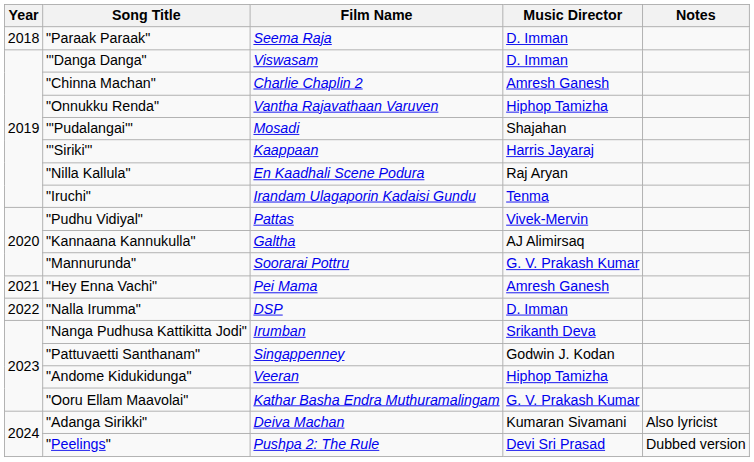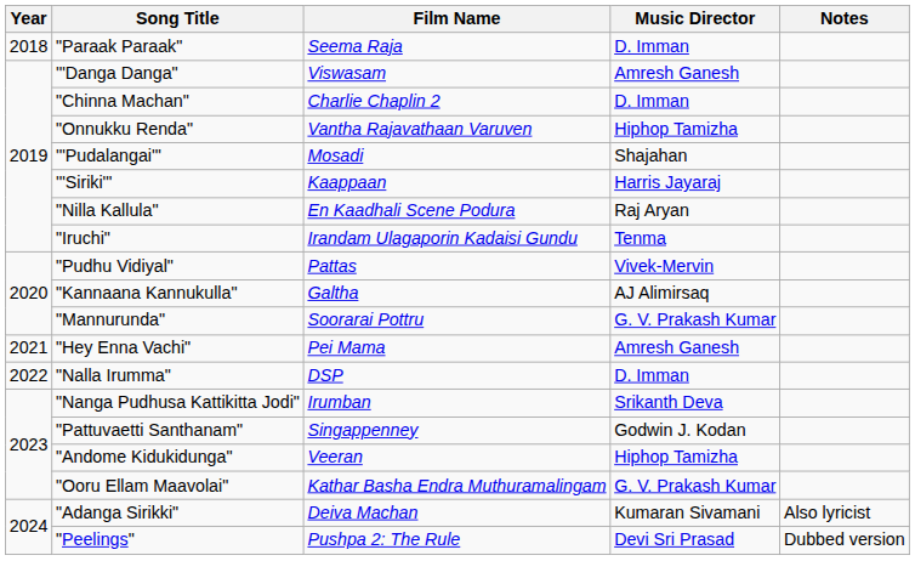 <table class="wikitable">
 <tr>
 <th>Year</th>
 <th>Song Title</th>
 <th>Film Name</th>
 <th>Music Director</th>
 <th>Notes</th>
 </tr>
 <tr>
 <td>2018</td>
 <td>"Paraak Paraak"</td>
 <td><em><a href='#'>Seema Raja</a></em></td>
 <td><a href='#'>D. Imman</a></td>
 <td></td>
 </tr>
 <tr>
 <td rowspan="7">2019</td>
 <td>'"Danga Danga"</td>
 <td><em><a href='#'>Viswasam</a></em></td>
-<td><a href='#'>D. Imman</a></td>
+<td><a href='#'>Amresh Ganesh</a></td>
 <td></td>
 </tr>
 <tr>
 <td>"Chinna Machan"</td>
 <td><em><a href='#'>Charlie Chaplin 2</a></em></td>
-<td><a href='#'>Amresh Ganesh</a></td>
+<td><a href='#'>D. Imman</a></td>
 <td></td>
 </tr>
 <tr>
 <td>"Onnukku Renda"</td>
 <td><em><a href='#'>Vantha Rajavathaan Varuven</a></em></td>
 <td><a href='#'>Hiphop Tamizha</a></td>
 <td></td>
 </tr>
 <tr>
 <td>'"Pudalangai'"</td>
 <td><em><a href='#'>Mosadi</a></em></td>
 <td>Shajahan</td>
 <td></td>
 </tr>
 <tr>
 <td>'"Siriki'"</td>
 <td><em><a href='#'>Kaappaan</a></em></td>
 <td><a href='#'>Harris Jayaraj</a></td>
 <td></td>
 </tr>
 <tr>
 <td>"Nilla Kallula"</td>
 <td><em><a href='#'>En Kaadhali Scene Podura</a></em></td>
 <td>Raj Aryan</td>
 <td></td>
 </tr>
 <tr>
 <td>"Iruchi"</td>
 <td><em><a href='#'>Irandam Ulagaporin Kadaisi Gundu</a></em></td>
 <td><a href='#'>Tenma</a></td>
 <td></td>
 </tr>
 <tr>
 <td rowspan="3">2020</td>
 <td>"Pudhu Vidiyal"</td>
 <td><em><a href='#'>Pattas</a></em></td>
 <td><a href='#'>Vivek-Mervin</a></td>
 <td></td>
 </tr>
 <tr>
 <td>"Kannaana Kannukulla"</td>
 <td><em><a href='#'>Galtha</a></em></td>
 <td>AJ Alimirsaq</td>
 <td></td>
 </tr>
 <tr>
 <td>"Mannurunda"</td>
 <td><em><a href='#'>Soorarai Pottru</a></em></td>
 <td><a href='#'>G. V. Prakash Kumar</a></td>
 <td></td>
 </tr>
 <tr>
 <td>2021</td>
 <td>"Hey Enna Vachi"</td>
 <td><em><a href='#'>Pei Mama</a></em></td>
 <td><a href='#'>Amresh Ganesh</a></td>
 <td></td>
 </tr>
 <tr>
 <td>2022</td>
 <td>"Nalla Irumma"</td>
 <td><em><a href='#'>DSP</a></em></td>
 <td><a href='#'>D. Imman</a></td>
 <td></td>
 </tr>
 <tr>
 <td rowspan="4">2023</td>
 <td>"Nanga Pudhusa Kattikitta Jodi"</td>
 <td><em><a href='#'>Irumban</a></em></td>
 <td><a href='#'>Srikanth Deva</a></td>
 <td></td>
 </tr>
 <tr>
 <td>"Pattuvaetti Santhanam"</td>
 <td><em><a href='#'>Singappenney</a></em></td>
 <td>Godwin J. Kodan</td>
 <td></td>
 </tr>
 <tr>
 <td>"Andome Kidukidunga"</td>
 <td><em><a href='#'>Veeran</a></em></td>
 <td><a href='#'>Hiphop Tamizha</a></td>
 <td></td>
 </tr>
 <tr>
 <td>"Ooru Ellam Maavolai"</td>
 <td><em><a href='#'>Kathar Basha Endra Muthuramalingam</a></em></td>
 <td><a href='#'>G. V. Prakash Kumar</a></td>
 <td></td>
 </tr>
 <tr>
 <td rowspan="2">2024</td>
 <td>"Adanga Sirikki"</td>
 <td><em><a href='#'>Deiva Machan</a></em></td>
 <td>Kumaran Sivamani</td>
 <td>Also lyricist</td>
 </tr>
 <tr>
 <td>"<a href='#'>Peelings</a>"</td>
 <td><em><a href='#'>Pushpa 2: The Rule</a></em></td>
 <td><a href='#'>Devi Sri Prasad</a></td>
 <td>Dubbed version</td>
 </tr>
 </table>
